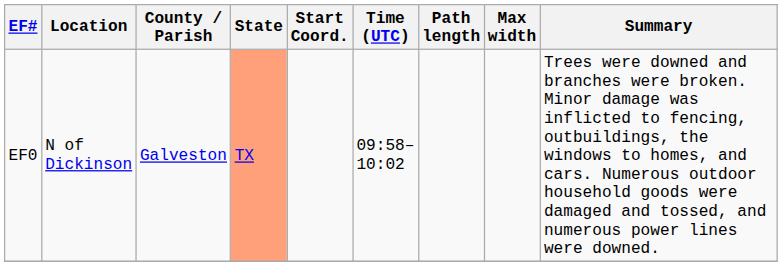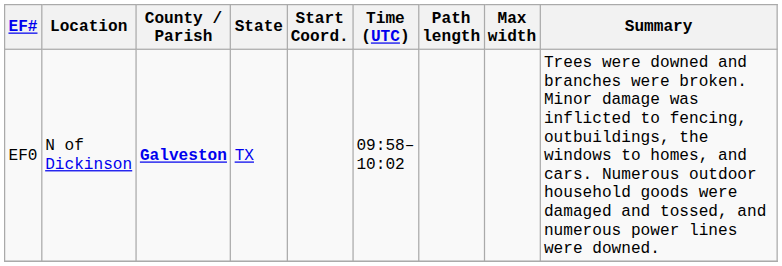 <table class="wikitable sortable" style="width:100%;">
 <tr>
 <th scope="col"  style="width:3%; text-align:center;"><a href='#'>EF#</a></th>
 <th scope="col"  style="width:7%; text-align:center;" class="unsortable">Location</th>
 <th scope="col"  style="width:6%; text-align:center;" class="unsortable">County / Parish</th>
 <th scope="col"  style="width:5%; text-align:center;">State</th>
 <th scope="col"  style="width:6%; text-align:center;">Start Coord.</th>
 <th scope="col"  style="width:6%; text-align:center;">Time (<a href='#'>UTC</a>)</th>
 <th scope="col"  style="width:6%; text-align:center;">Path length</th>
 <th scope="col"  style="width:6%; text-align:center;">Max width</th>
 <th scope="col" class="unsortable" style="width:48%; text-align:center;">Summary</th>
 </tr>
 <tr>
 <td>EF0</td>
 <td>N of <a href='#'>Dickinson</a></td>
-<td><a href='#'>Galveston</a></td>
-<td style="background: lightsalmon;"><a href='#'>TX</a></td>
+<td><strong><a href='#'>Galveston</a></strong></td>
+<td><a href='#'>TX</a></td>
 <td></td>
 <td>09:58–10:02</td>
 <td></td>
 <td></td>
 <td>Trees were downed and branches were broken. Minor damage was inflicted to fencing, outbuildings, the windows to homes, and cars. Numerous outdoor household goods were damaged and tossed, and numerous power lines were downed.</td>
 </tr>
 <tr>
 </tr>
 </table>
